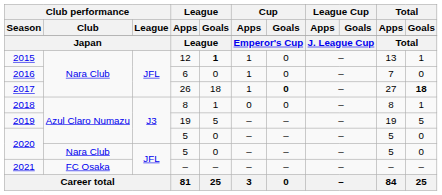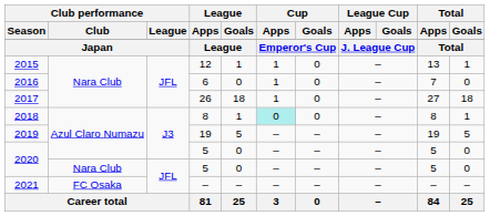 <table class="wikitable" style="text-align:center">
 <tr>
 <th colspan=3>Club performance</th>
 <th colspan=2>League</th>
 <th colspan=2>Cup</th>
 <th colspan=2>League Cup</th>
 <th colspan=2>Total</th>
 </tr>
 <tr>
 <th>Season</th>
 <th>Club</th>
 <th>League</th>
 <th>Apps</th>
 <th>Goals</th>
 <th>Apps</th>
 <th>Goals</th>
 <th>Apps</th>
 <th>Goals</th>
 <th>Apps</th>
 <th>Goals</th>
 </tr>
 <tr>
 </tr>
 <tr>
 <th colspan=3>Japan</th>
 <th colspan=2>League</th>
 <th colspan=2><a href='#'>Emperor's Cup</a></th>
 <th colspan=2><a href='#'>J. League Cup</a></th>
 <th colspan=2>Total</th>
 </tr>
 <tr>
 <td><a href='#'>2015</a></td>
 <td rowspan="3"><a href='#'>Nara Club</a></td>
 <td rowspan="3"><a href='#'>JFL</a></td>
 <td>12</td>
-<td><strong>1</strong></td>
+<td>1</td>
 <td>1</td>
 <td>0</td>
 <td colspan="2">–</td>
 <td>13</td>
 <td>1</td>
 </tr>
 <tr>
 <td><a href='#'>2016</a></td>
 <td>6</td>
 <td>0</td>
 <td>1</td>
 <td>0</td>
 <td colspan="2">–</td>
 <td>7</td>
 <td>0</td>
 </tr>
 <tr>
 <td><a href='#'>2017</a></td>
 <td>26</td>
 <td>18</td>
 <td>1</td>
-<td><strong>0</strong></td>
+<td>0</td>
 <td colspan="2">–</td>
 <td>27</td>
-<td><strong>18</strong></td>
+<td>18</td>
 </tr>
 <tr>
 <td><a href='#'>2018</a></td>
 <td rowspan="3"><a href='#'>Azul Claro Numazu</a></td>
 <td rowspan="3"><a href='#'>J3</a></td>
 <td>8</td>
 <td>1</td>
-<td>0</td>
+<td style="background: paleturquoise;">0</td>
 <td>0</td>
 <td colspan="2">–</td>
 <td>8</td>
 <td>1</td>
 </tr>
 <tr>
 <td><a href='#'>2019</a></td>
 <td>19</td>
 <td>5</td>
 <td>–</td>
 <td>–</td>
 <td colspan="2">–</td>
 <td>19</td>
 <td>5</td>
 </tr>
 <tr>
 <td rowspan="2"><a href='#'>2020</a></td>
 <td>5</td>
 <td>0</td>
 <td>–</td>
 <td>–</td>
 <td colspan="2">–</td>
 <td>5</td>
 <td>0</td>
 </tr>
 <tr>
 <td><a href='#'>Nara Club</a></td>
 <td rowspan="2"><a href='#'>JFL</a></td>
 <td>5</td>
 <td>0</td>
 <td>–</td>
 <td>–</td>
 <td colspan="2">–</td>
 <td>5</td>
 <td>0</td>
 </tr>
 <tr>
 <td><a href='#'>2021</a></td>
 <td><a href='#'>FC Osaka</a></td>
 <td>–</td>
 <td>–</td>
 <td>–</td>
 <td>–</td>
 <td colspan="2">–</td>
 <td>–</td>
 <td>–</td>
 </tr>
 <tr>
 <th colspan="3">Career total</th>
 <th>81</th>
 <th>25</th>
 <th>3</th>
 <th>0</th>
 <th colspan="2">–</th>
 <th>84</th>
 <th>25</th>
 </tr>
 </table>
